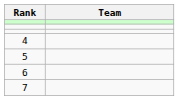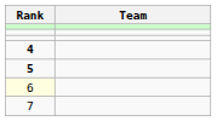 <table class="wikitable" style="text-align: center">
 <tr>
 <th width=50>Rank</th>
 <th width=170>Team</th>
 </tr>
 <tr bgcolor=#ccffcc>
 <td></td>
 <td align=left></td>
 </tr>
 <tr>
 <td></td>
 <td align=left></td>
 </tr>
 <tr>
 <td></td>
 <td align=left></td>
 </tr>
 <tr>
-<td>4</td>
+<td><strong>4</strong></td>
 <td align=left></td>
 </tr>
 <tr>
-<td>5</td>
+<td><strong>5</strong></td>
 <td align=left></td>
 </tr>
 <tr>
-<td>6</td>
+<td style="background: lightyellow;">6</td>
 <td align=left></td>
 </tr>
 <tr>
 <td>7</td>
 <td align=left></td>
 </tr>
 </table>
